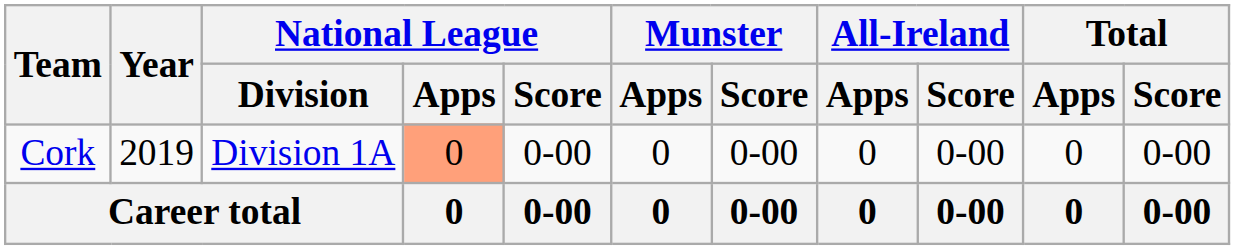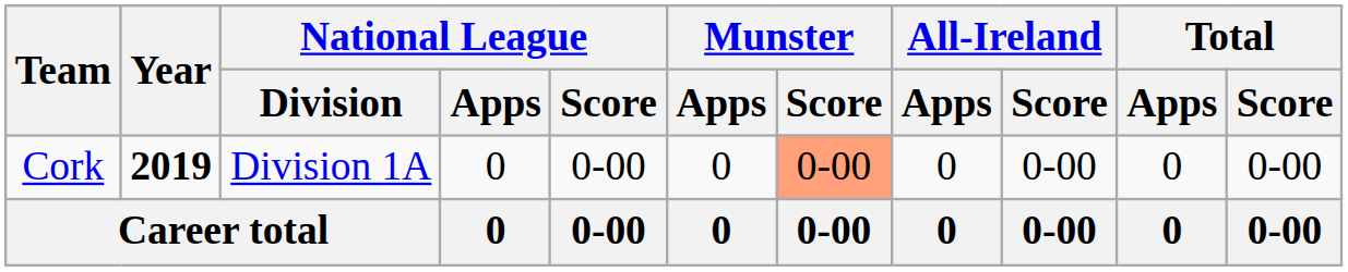 <table class="wikitable" style="text-align:center">
 <tr>
 <th rowspan="2">Team</th>
 <th rowspan="2">Year</th>
 <th colspan="3"><a href='#'>National League</a></th>
 <th colspan="2"><a href='#'>Munster</a></th>
 <th colspan="2"><a href='#'>All-Ireland</a></th>
 <th colspan="2">Total</th>
 </tr>
 <tr>
 <th>Division</th>
 <th>Apps</th>
 <th>Score</th>
 <th>Apps</th>
 <th>Score</th>
 <th>Apps</th>
 <th>Score</th>
 <th>Apps</th>
 <th>Score</th>
 </tr>
 <tr>
 <td rowspan="1"><a href='#'>Cork</a></td>
-<td>2019</td>
+<td><strong>2019</strong></td>
 <td rowspan="1"><a href='#'>Division 1A</a></td>
-<td style="background: lightsalmon;">0</td>
+<td>0</td>
 <td>0-00</td>
 <td>0</td>
-<td>0-00</td>
+<td style="background: lightsalmon;">0-00</td>
 <td>0</td>
 <td>0-00</td>
 <td>0</td>
 <td>0-00</td>
 </tr>
 <tr>
 <th colspan="3">Career total</th>
 <th>0</th>
 <th>0-00</th>
 <th>0</th>
 <th>0-00</th>
 <th>0</th>
 <th>0-00</th>
 <th>0</th>
 <th>0-00</th>
 </tr>
 </table>
